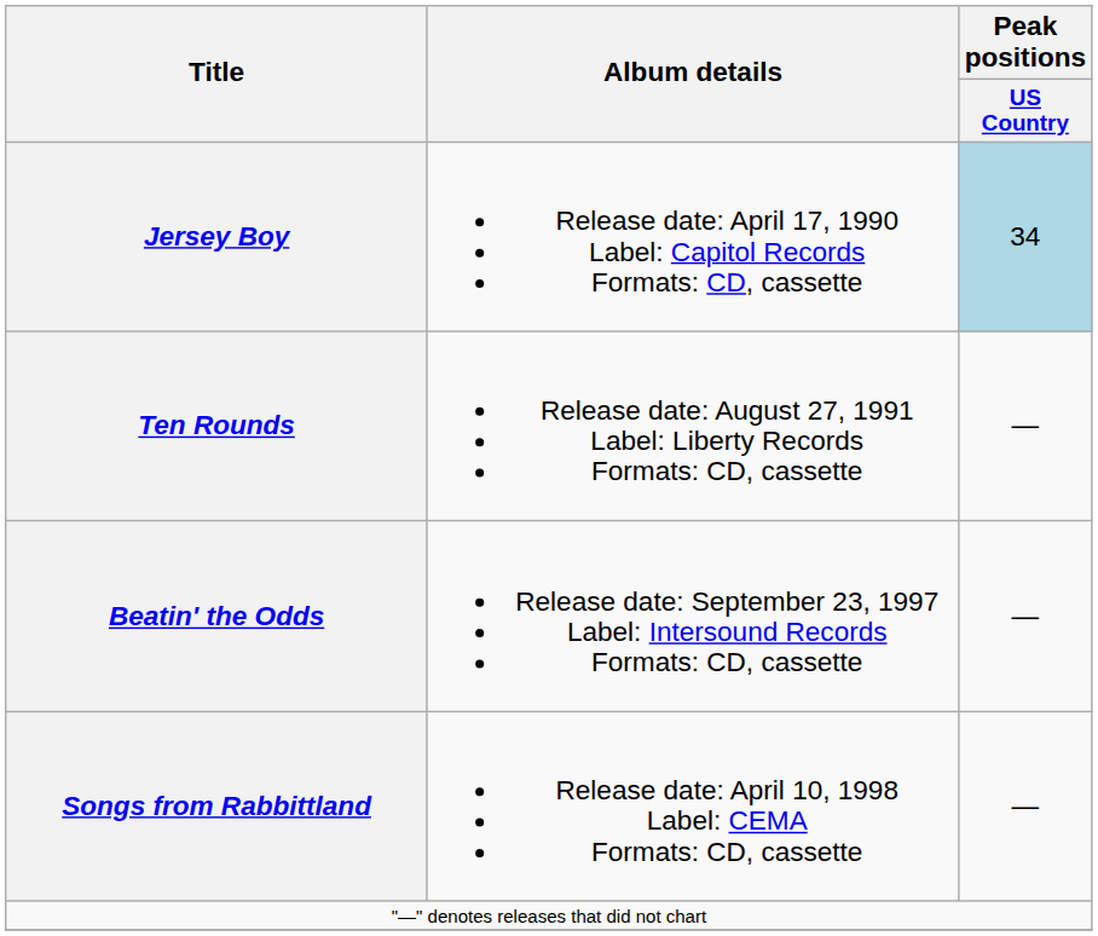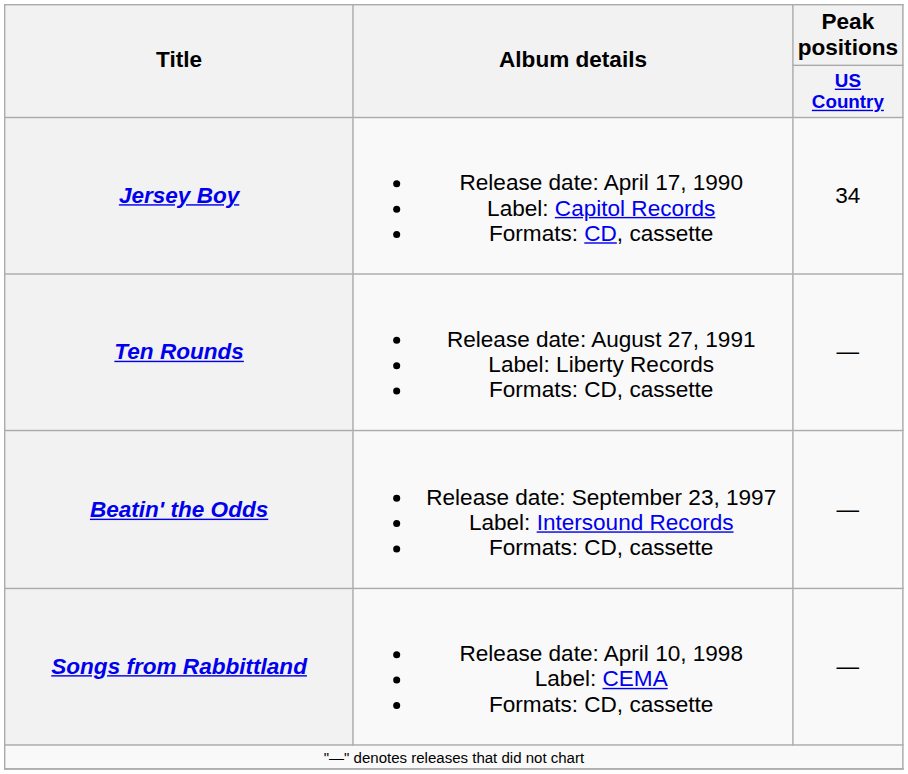 <table class="wikitable plainrowheaders" style="text-align:center;">
 <tr>
 <th rowspan="2" style="width:15em;">Title</th>
 <th rowspan="2" style="width:19em;">Album details</th>
 <th colspan="1">Peak positions</th>
 </tr>
 <tr style="font-size:smaller;">
 <th width="45"><a href='#'>US Country</a><br></th>
 </tr>
 <tr>
 <th scope="row"><em><a href='#'>Jersey Boy</a></em></th>
 <td><br><ul><li>Release date: April 17, 1990</li><li>Label: <a href='#'>Capitol Records</a></li><li>Formats: <a href='#'>CD</a>, cassette</li></ul></td>
-<td style="background: lightblue;">34</td>
+<td>34</td>
 </tr>
 <tr>
 <th scope="row"><em><a href='#'>Ten Rounds</a></em></th>
 <td><br><ul><li>Release date: August 27, 1991</li><li>Label: Liberty Records</li><li>Formats: CD, cassette</li></ul></td>
 <td>—</td>
 </tr>
 <tr>
 <th scope="row"><em><a href='#'>Beatin' the Odds</a></em></th>
 <td><br><ul><li>Release date: September 23, 1997</li><li>Label: <a href='#'>Intersound Records</a></li><li>Formats: CD, cassette</li></ul></td>
 <td>—</td>
 </tr>
 <tr>
 <th scope="row"><em><a href='#'>Songs from Rabbittland</a></em></th>
 <td><br><ul><li>Release date: April 10, 1998</li><li>Label: <a href='#'>CEMA</a></li><li>Formats: CD, cassette</li></ul></td>
 <td>—</td>
 </tr>
 <tr>
 <td colspan="10" style="font-size:8pt">"—" denotes releases that did not chart</td>
 </tr>
 <tr>
 </tr>
 </table>
